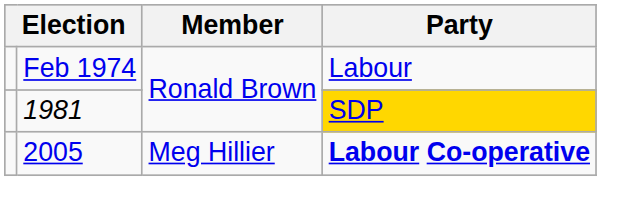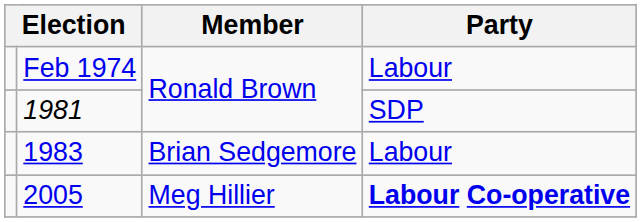 <table class="wikitable">
 <tr>
 <th colspan="2">Election</th>
 <th>Member</th>
 <th>Party</th>
 </tr>
 <tr>
 <td style="color:inherit;background-color: "></td>
 <td><a href='#'>Feb 1974</a></td>
 <td rowspan="2"><a href='#'>Ronald Brown</a></td>
 <td><a href='#'>Labour</a></td>
 </tr>
 <tr>
 <td style="color:inherit;background-color: "></td>
 <td><em>1981</em></td>
-<td style="background: gold;"><a href='#'>SDP</a></td>
+<td><a href='#'>SDP</a></td>
+</tr>
+<tr>
+<td style="color:inherit;background-color: "></td>
+<td><a href='#'>1983</a></td>
+<td><a href='#'>Brian Sedgemore</a></td>
+<td><a href='#'>Labour</a></td>
 </tr>
 <tr>
 <td style="color:inherit;background-color: "></td>
 <td><a href='#'>2005</a></td>
 <td><a href='#'>Meg Hillier</a></td>
 <td><strong><a href='#'>Labour</a> <a href='#'>Co-operative</a></strong></td>
 </tr>
 </table>
